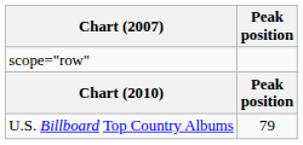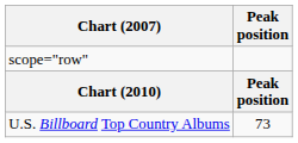 <table class="wikitable">
 <tr>
 <th align="left">Chart (2007)</th>
 <th align="left">Peak <br>position</th>
 </tr>
 <tr>
 <td>scope="row"</td>
 </tr>
 <tr>
 <th align="left">Chart (2010)</th>
 <th align="left">Peak <br>position</th>
 </tr>
 <tr>
 <td align="left">U.S. <em><a href='#'>Billboard</a></em> <a href='#'>Top Country Albums</a></td>
-<td align="center">79</td>
+<td align="center">73</td>
 </tr>
 </table>
